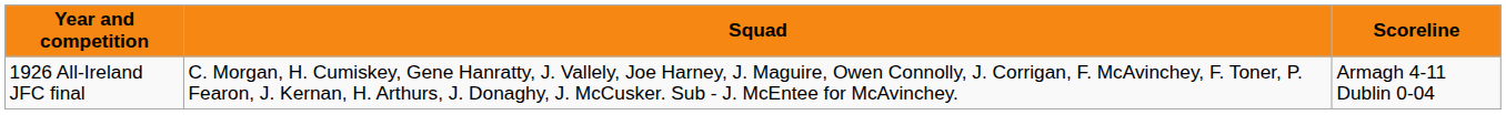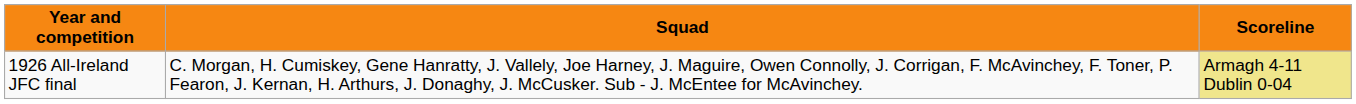 <table class="wikitable">
 <tr>
 <th style="background:#F68712">Year and competition</th>
 <th style="background:#F68712">Squad</th>
 <th style="background:#F68712">Scoreline</th>
 </tr>
 <tr>
 <td>1926 All-Ireland JFC final</td>
 <td>C. Morgan, H. Cumiskey, Gene Hanratty, J. Vallely, Joe Harney, J. Maguire, Owen Connolly, J. Corrigan, F. McAvinchey, F. Toner, P. Fearon, J. Kernan, H. Arthurs, J. Donaghy, J. McCusker. Sub - J. McEntee for McAvinchey.</td>
-<td>Armagh 4-11 Dublin 0-04</td>
+<td style="background: khaki;">Armagh 4-11 Dublin 0-04</td>
 </tr>
 </table>
